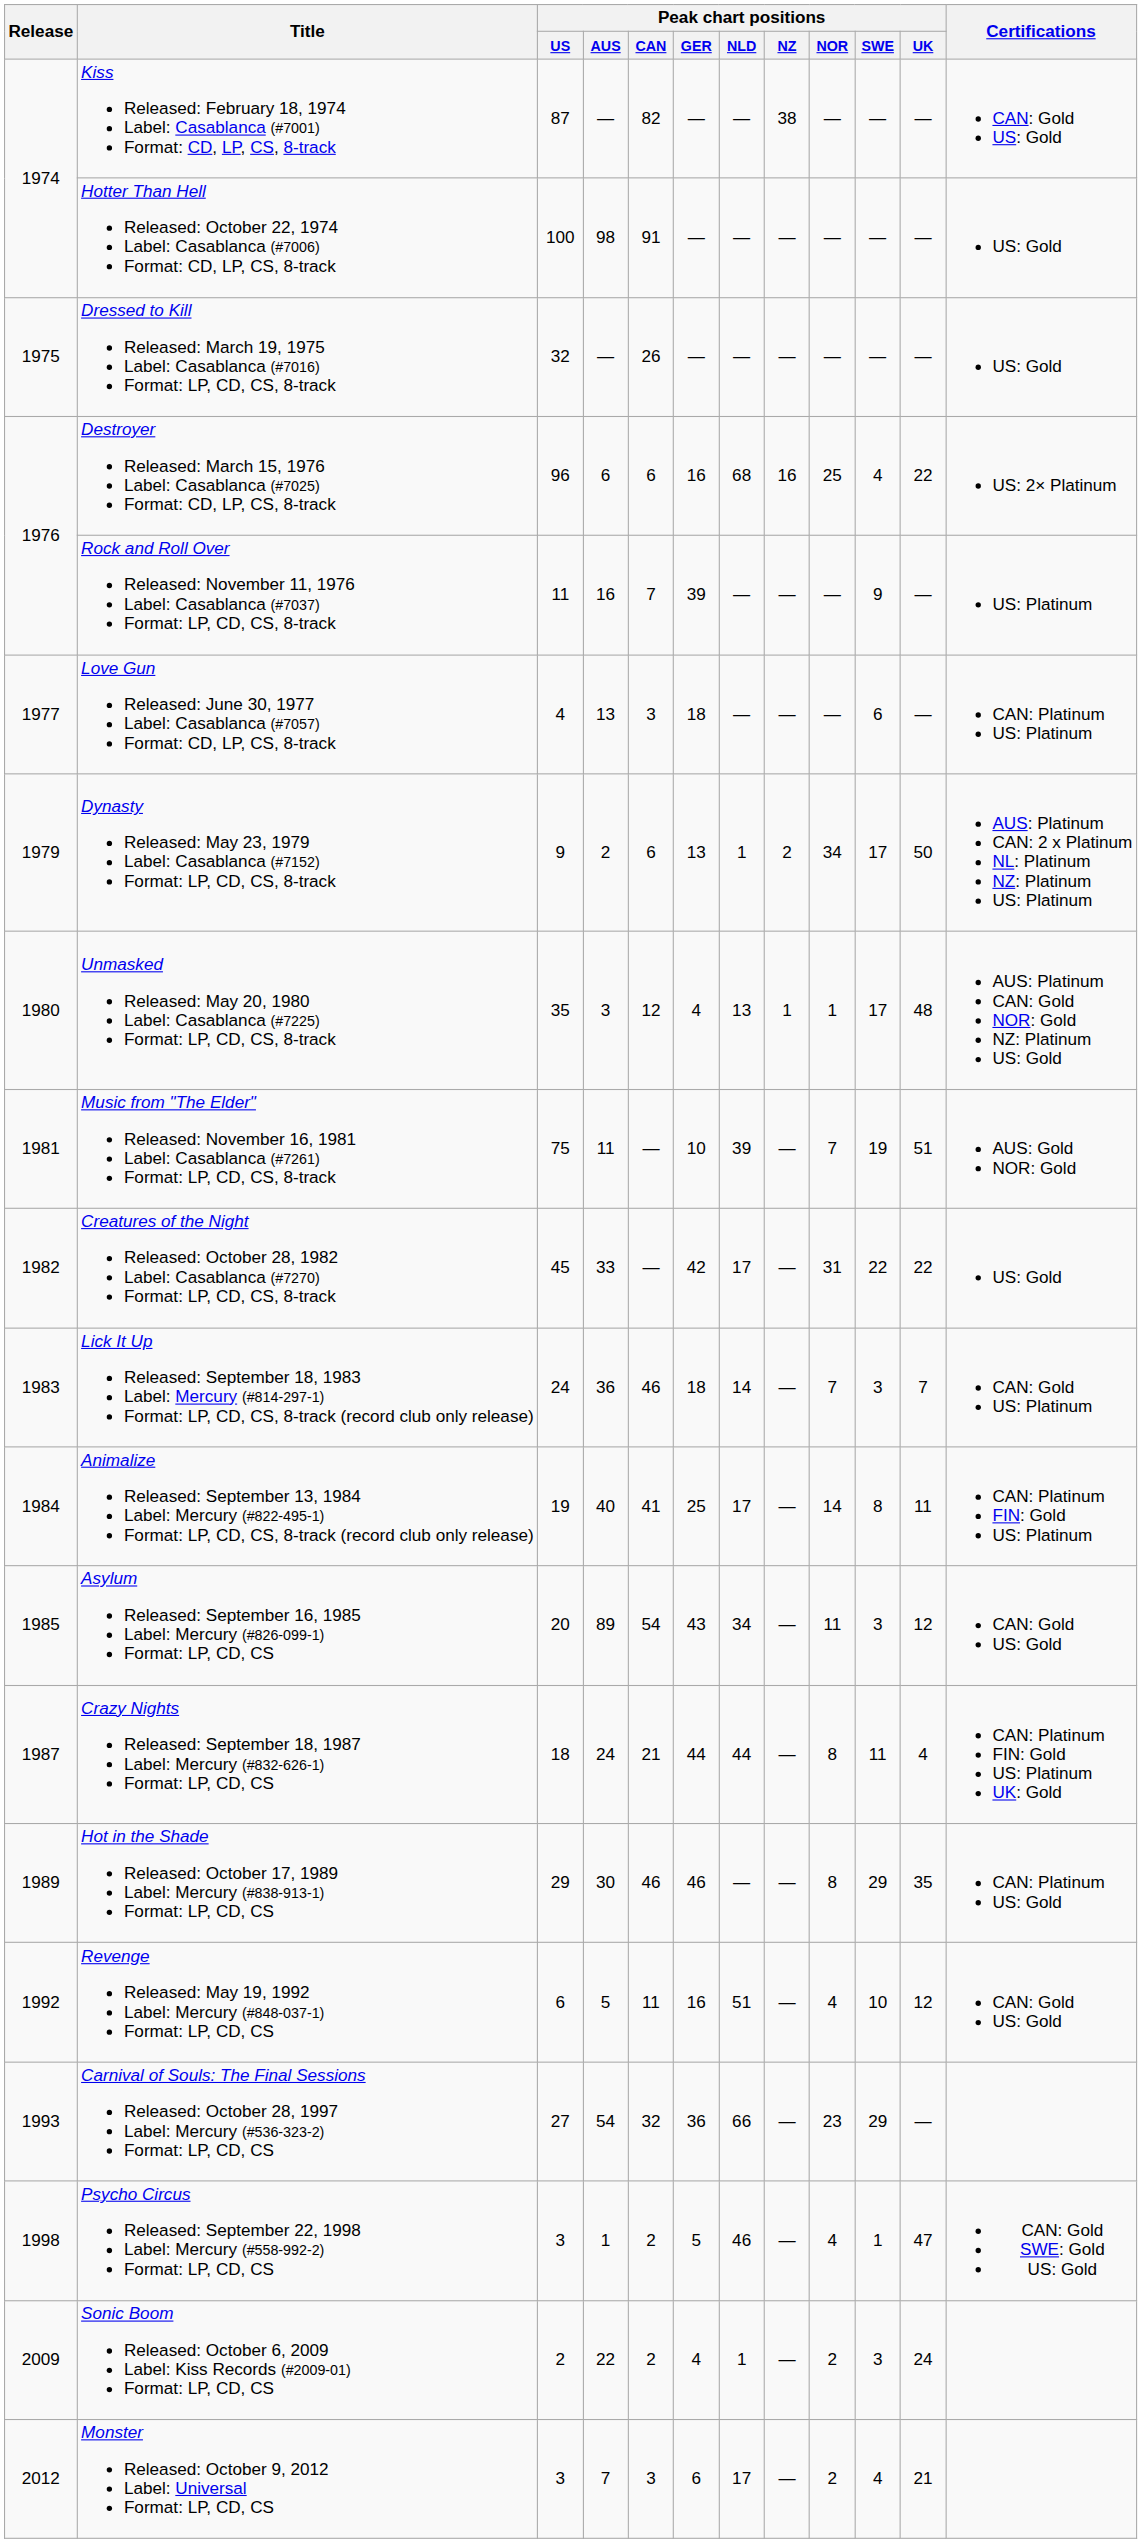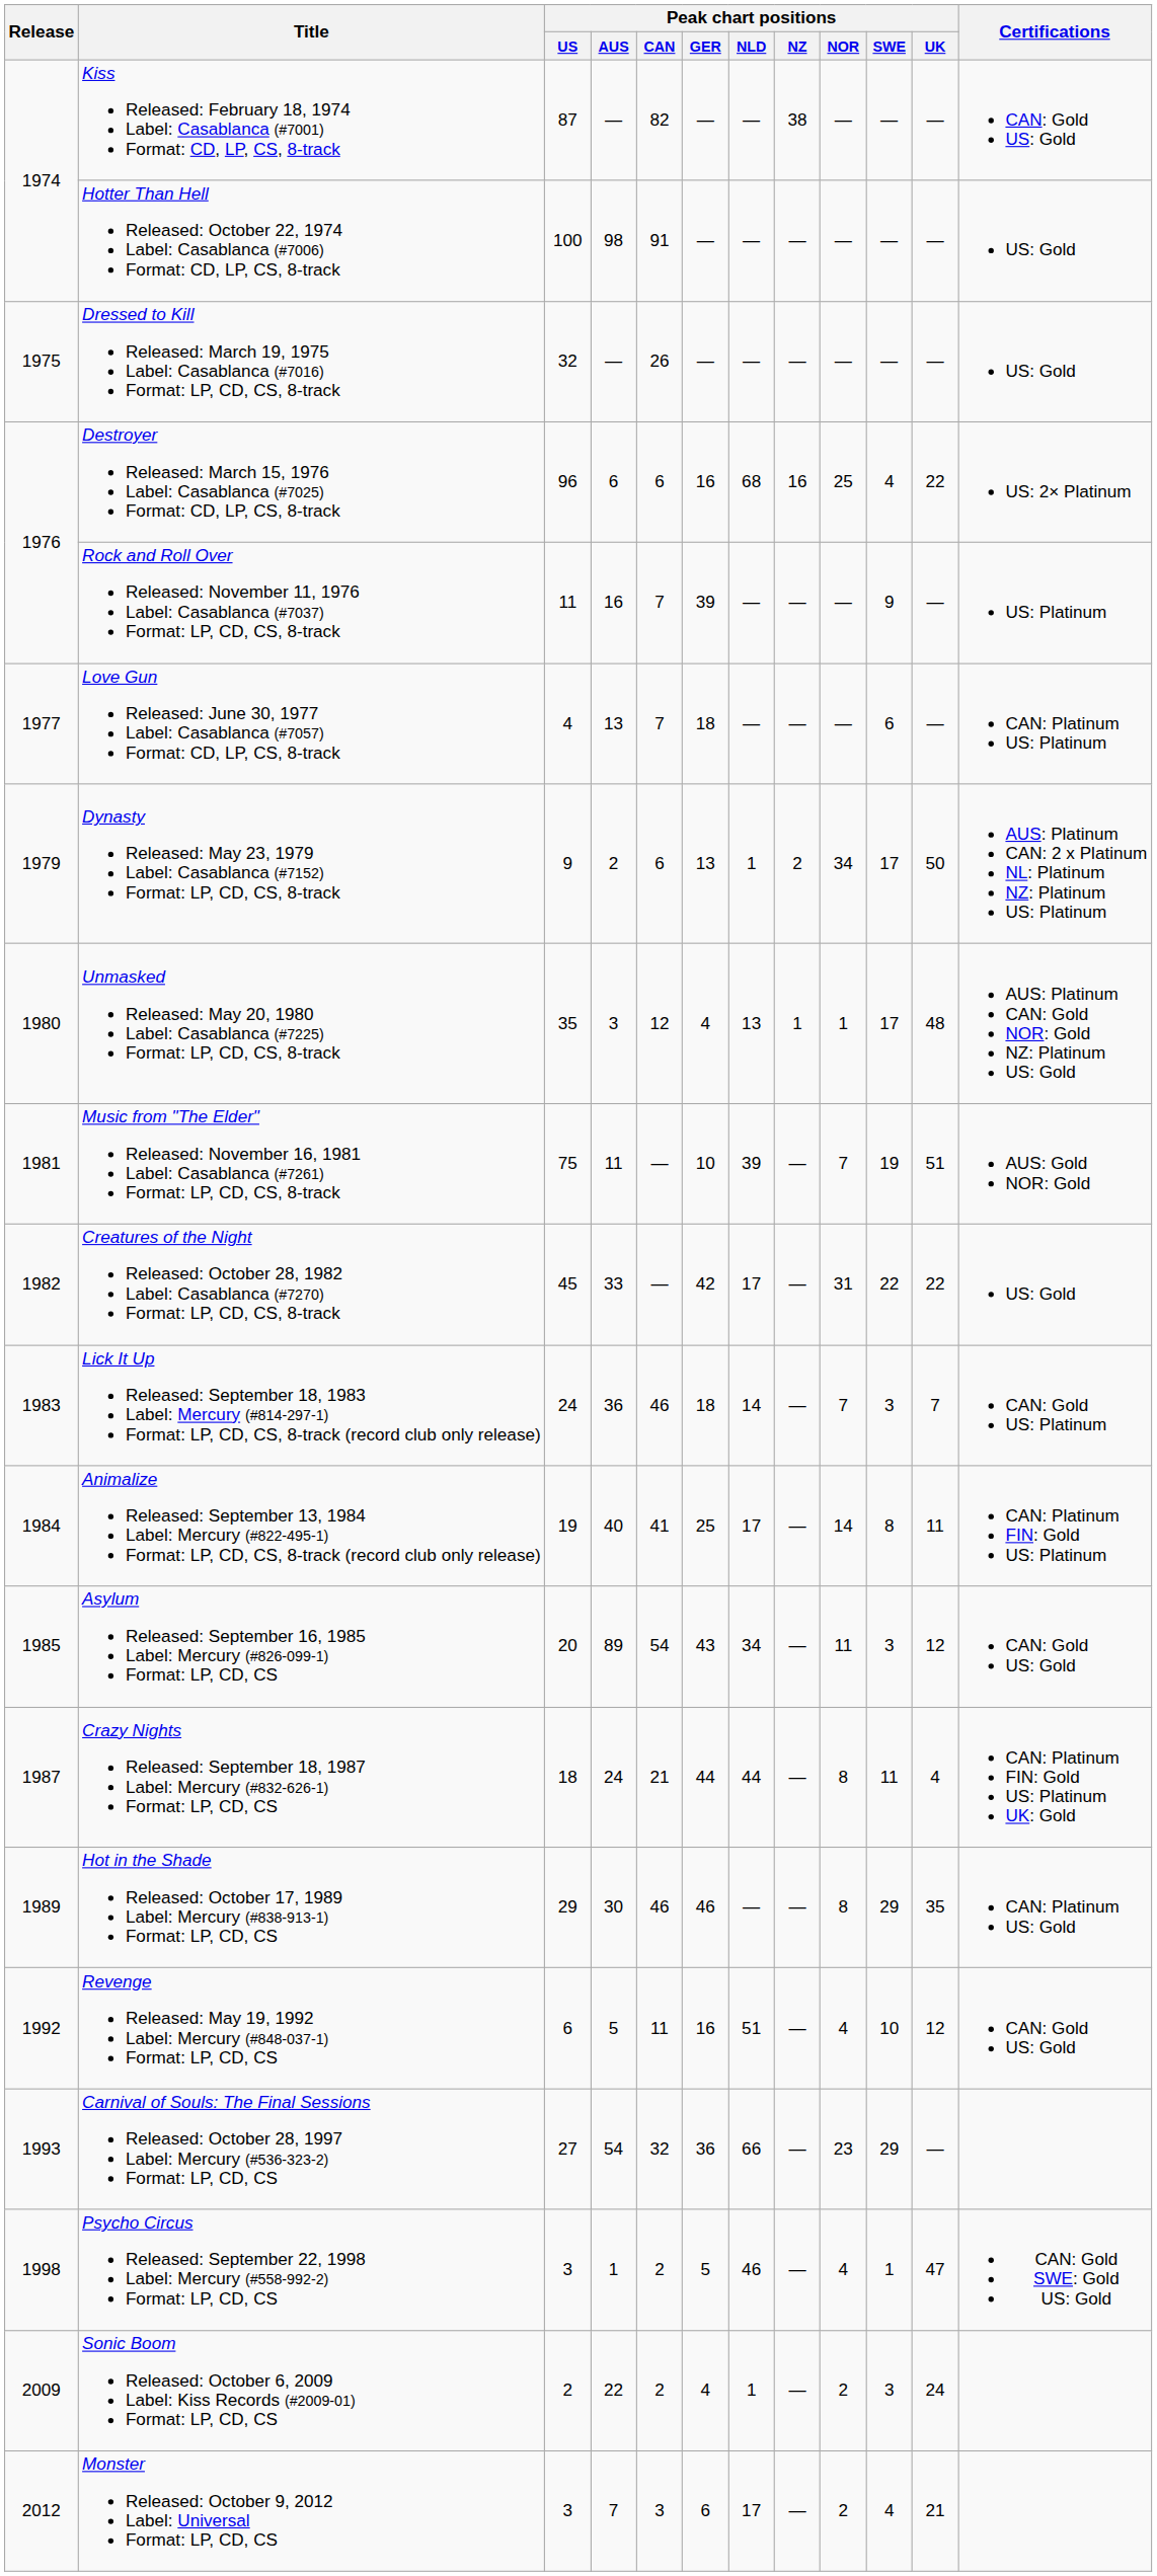 <table class="wikitable" style="text-align: center">
 <tr>
 <th rowspan="2">Release</th>
 <th rowspan="2">Title</th>
 <th colspan="9">Peak chart positions</th>
 <th rowspan="2"><a href='#'>Certifications</a></th>
 </tr>
 <tr>
 <th style="width:35px;"><small><a href='#'>US</a><br></small></th>
 <th style="width:35px;"><small><a href='#'>AUS</a><br></small></th>
 <th style="width:35px;"><small><a href='#'>CAN</a><br></small></th>
 <th style="width:35px;"><small><a href='#'>GER</a><br></small></th>
 <th style="width:35px;"><small><a href='#'>NLD</a><br></small></th>
 <th style="width:35px;"><small><a href='#'>NZ</a><br></small></th>
 <th style="width:35px;"><small><a href='#'>NOR</a><br></small></th>
 <th style="width:35px;"><small><a href='#'>SWE</a><br></small></th>
 <th style="width:35px;"><small><a href='#'>UK</a><br></small></th>
 </tr>
 <tr>
 <td rowspan="2">1974</td>
 <td align="left"><em><a href='#'>Kiss</a></em><br><ul><li>Released: February 18, 1974</li><li>Label: <a href='#'>Casablanca</a> <small>(#7001)</small></li><li>Format: <a href='#'>CD</a>, <a href='#'>LP</a>, <a href='#'>CS</a>, <a href='#'>8-track</a></li></ul></td>
 <td>87</td>
 <td>—</td>
 <td>82</td>
 <td>—</td>
 <td>—</td>
 <td>38</td>
 <td>—</td>
 <td>—</td>
 <td>—</td>
 <td align="left"><br><ul><li><a href='#'>CAN</a>: Gold</li><li><a href='#'>US</a>: Gold</li></ul></td>
 </tr>
 <tr>
 <td align="left"><em><a href='#'>Hotter Than Hell</a></em><br><ul><li>Released: October 22, 1974</li><li>Label: Casablanca <small>(#7006)</small></li><li>Format: CD, LP, CS, 8-track</li></ul></td>
 <td>100</td>
 <td>98</td>
 <td>91</td>
 <td>—</td>
 <td>—</td>
 <td>—</td>
 <td>—</td>
 <td>—</td>
 <td>—</td>
 <td align="left"><br><ul><li>US: Gold</li></ul></td>
 </tr>
 <tr>
 <td>1975</td>
 <td align="left"><em><a href='#'>Dressed to Kill</a></em><br><ul><li>Released: March 19, 1975</li><li>Label: Casablanca <small>(#7016)</small></li><li>Format: LP, CD, CS, 8-track</li></ul></td>
 <td>32</td>
 <td>—</td>
 <td>26</td>
 <td>—</td>
 <td>—</td>
 <td>—</td>
 <td>—</td>
 <td>—</td>
 <td>—</td>
 <td align="left"><br><ul><li>US: Gold</li></ul></td>
 </tr>
 <tr>
 <td rowspan="2">1976</td>
 <td align="left"><em><a href='#'>Destroyer</a></em><br><ul><li>Released: March 15, 1976</li><li>Label: Casablanca <small>(#7025)</small></li><li>Format: CD, LP, CS, 8-track</li></ul></td>
 <td>96</td>
 <td>6</td>
 <td>6</td>
 <td>16</td>
 <td>68</td>
 <td>16</td>
 <td>25</td>
 <td>4</td>
 <td>22</td>
 <td align="left"><br><ul><li>US: 2× Platinum</li></ul></td>
 </tr>
 <tr>
 <td align="left"><em><a href='#'>Rock and Roll Over</a></em><br><ul><li>Released: November 11, 1976</li><li>Label: Casablanca <small>(#7037)</small></li><li>Format: LP, CD, CS, 8-track</li></ul></td>
 <td>11</td>
 <td>16</td>
 <td>7</td>
 <td>39</td>
 <td>—</td>
 <td>—</td>
 <td>—</td>
 <td>9</td>
 <td>—</td>
 <td align="left"><br><ul><li>US: Platinum</li></ul></td>
 </tr>
 <tr>
 <td>1977</td>
 <td align="left"><em><a href='#'>Love Gun</a></em><br><ul><li>Released: June 30, 1977</li><li>Label: Casablanca <small>(#7057)</small></li><li>Format: CD, LP, CS, 8-track</li></ul></td>
 <td>4</td>
 <td>13</td>
-<td>3</td>
+<td>7</td>
 <td>18</td>
 <td>—</td>
 <td>—</td>
 <td>—</td>
 <td>6</td>
 <td>—</td>
 <td align="left"><br><ul><li>CAN: Platinum</li><li>US: Platinum</li></ul></td>
 </tr>
 <tr>
 <td>1979</td>
 <td align="left"><em><a href='#'>Dynasty</a></em><br><ul><li>Released: May 23, 1979</li><li>Label: Casablanca <small>(#7152)</small></li><li>Format: LP, CD, CS, 8-track</li></ul></td>
 <td>9</td>
 <td>2</td>
 <td>6</td>
 <td>13</td>
 <td>1</td>
 <td>2</td>
 <td>34</td>
 <td>17</td>
 <td>50</td>
 <td align="left"><br><ul><li><a href='#'>AUS</a>: Platinum</li><li>CAN: 2 x Platinum</li><li><a href='#'>NL</a>: Platinum</li><li><a href='#'>NZ</a>: Platinum</li><li>US: Platinum</li></ul></td>
 </tr>
 <tr>
 <td>1980</td>
 <td align="left"><em><a href='#'>Unmasked</a></em><br><ul><li>Released: May 20, 1980</li><li>Label: Casablanca <small>(#7225)</small></li><li>Format: LP, CD, CS, 8-track</li></ul></td>
 <td>35</td>
 <td>3</td>
 <td>12</td>
 <td>4</td>
 <td>13</td>
 <td>1</td>
 <td>1</td>
 <td>17</td>
 <td>48</td>
 <td align="left"><br><ul><li>AUS: Platinum</li><li>CAN: Gold</li><li><a href='#'>NOR</a>: Gold</li><li>NZ: Platinum</li><li>US: Gold</li></ul></td>
 </tr>
 <tr>
 <td>1981</td>
 <td align="left"><em><a href='#'>Music from "The Elder"</a></em><br><ul><li>Released: November 16, 1981</li><li>Label: Casablanca <small>(#7261)</small></li><li>Format: LP, CD, CS, 8-track</li></ul></td>
 <td>75</td>
 <td>11</td>
 <td>—</td>
 <td>10</td>
 <td>39</td>
 <td>—</td>
 <td>7</td>
 <td>19</td>
 <td>51</td>
 <td align="left"><br><ul><li>AUS: Gold</li><li>NOR: Gold</li></ul></td>
 </tr>
 <tr>
 <td>1982</td>
 <td align="left"><em><a href='#'>Creatures of the Night</a></em><br><ul><li>Released: October 28, 1982</li><li>Label: Casablanca <small>(#7270)</small></li><li>Format: LP, CD, CS, 8-track</li></ul></td>
 <td>45</td>
 <td>33</td>
 <td>—</td>
 <td>42</td>
 <td>17</td>
 <td>—</td>
 <td>31</td>
 <td>22</td>
 <td>22</td>
 <td align="left"><br><ul><li>US: Gold</li></ul></td>
 </tr>
 <tr>
 <td>1983</td>
 <td align="left"><em><a href='#'>Lick It Up</a></em><br><ul><li>Released: September 18, 1983</li><li>Label: <a href='#'>Mercury</a> <small>(#814-297-1)</small></li><li>Format: LP, CD, CS, 8-track (record club only release)</li></ul></td>
 <td>24</td>
 <td>36</td>
 <td>46</td>
 <td>18</td>
 <td>14</td>
 <td>—</td>
 <td>7</td>
 <td>3</td>
 <td>7</td>
 <td align="left"><br><ul><li>CAN: Gold</li><li>US: Platinum</li></ul></td>
 </tr>
 <tr>
 <td>1984</td>
 <td align="left"><em><a href='#'>Animalize</a></em><br><ul><li>Released: September 13, 1984</li><li>Label: Mercury <small>(#822-495-1)</small></li><li>Format: LP, CD, CS, 8-track (record club only release)</li></ul></td>
 <td>19</td>
 <td>40</td>
 <td>41</td>
 <td>25</td>
 <td>17</td>
 <td>—</td>
 <td>14</td>
 <td>8</td>
 <td>11</td>
 <td align="left"><br><ul><li>CAN: Platinum</li><li><a href='#'>FIN</a>: Gold</li><li>US: Platinum</li></ul></td>
 </tr>
 <tr>
 <td>1985</td>
 <td align="left"><em><a href='#'>Asylum</a></em><br><ul><li>Released: September 16, 1985</li><li>Label: Mercury <small>(#826-099-1)</small></li><li>Format: LP, CD, CS</li></ul></td>
 <td>20</td>
 <td>89</td>
 <td>54</td>
 <td>43</td>
 <td>34</td>
 <td>—</td>
 <td>11</td>
 <td>3</td>
 <td>12</td>
 <td align="left"><br><ul><li>CAN: Gold</li><li>US: Gold</li></ul></td>
 </tr>
 <tr>
 <td>1987</td>
 <td align="left"><em><a href='#'>Crazy Nights</a></em><br><ul><li>Released: September 18, 1987</li><li>Label: Mercury <small>(#832-626-1)</small></li><li>Format: LP, CD, CS</li></ul></td>
 <td>18</td>
 <td>24</td>
 <td>21</td>
 <td>44</td>
 <td>44</td>
 <td>—</td>
 <td>8</td>
 <td>11</td>
 <td>4</td>
 <td align="left"><br><ul><li>CAN: Platinum</li><li>FIN: Gold</li><li>US: Platinum</li><li><a href='#'>UK</a>: Gold</li></ul></td>
 </tr>
 <tr>
 <td>1989</td>
 <td align="left"><em><a href='#'>Hot in the Shade</a></em><br><ul><li>Released: October 17, 1989</li><li>Label: Mercury <small>(#838-913-1)</small></li><li>Format: LP, CD, CS</li></ul></td>
 <td>29</td>
 <td>30</td>
 <td>46</td>
 <td>46</td>
 <td>—</td>
 <td>—</td>
 <td>8</td>
 <td>29</td>
 <td>35</td>
 <td align="left"><br><ul><li>CAN: Platinum</li><li>US: Gold</li></ul></td>
 </tr>
 <tr>
 <td>1992</td>
 <td align="left"><em><a href='#'>Revenge</a></em><br><ul><li>Released: May 19, 1992</li><li>Label: Mercury <small>(#848-037-1)</small></li><li>Format: LP, CD, CS</li></ul></td>
 <td>6</td>
 <td>5</td>
 <td>11</td>
 <td>16</td>
 <td>51</td>
 <td>—</td>
 <td>4</td>
 <td>10</td>
 <td>12</td>
 <td align="left"><br><ul><li>CAN: Gold</li><li>US: Gold</li></ul></td>
 </tr>
 <tr>
 <td>1993</td>
 <td align="left"><em><a href='#'>Carnival of Souls: The Final Sessions</a></em><br><ul><li>Released: October 28, 1997</li><li>Label: Mercury <small>(#536-323-2)</small></li><li>Format: LP, CD, CS</li></ul></td>
 <td>27</td>
 <td>54</td>
 <td>32</td>
 <td>36</td>
 <td>66</td>
 <td>—</td>
 <td>23</td>
 <td>29</td>
 <td>—</td>
 <td align="left"></td>
 </tr>
 <tr>
 <td>1998</td>
 <td align="left"><em><a href='#'>Psycho Circus</a></em><br><ul><li>Released: September 22, 1998</li><li>Label: Mercury <small>(#558-992-2)</small></li><li>Format: LP, CD, CS</li></ul></td>
 <td>3</td>
 <td>1</td>
 <td>2</td>
 <td>5</td>
 <td>46</td>
 <td>—</td>
 <td>4</td>
 <td>1</td>
 <td>47</td>
 <td><br><ul><li>CAN: Gold</li><li><a href='#'>SWE</a>: Gold</li><li>US: Gold</li></ul></td>
 </tr>
 <tr>
 <td>2009</td>
 <td align="left"><em><a href='#'>Sonic Boom</a></em><br><ul><li>Released: October 6, 2009</li><li>Label: Kiss Records <small>(#2009-01)</small></li><li>Format: LP, CD, CS</li></ul></td>
 <td>2</td>
 <td>22</td>
 <td>2</td>
 <td>4</td>
 <td>1</td>
 <td>—</td>
 <td>2</td>
 <td>3</td>
 <td>24</td>
 <td align="left"></td>
 </tr>
 <tr>
 <td>2012</td>
 <td align="left"><em><a href='#'>Monster</a></em><br><ul><li>Released: October 9, 2012</li><li>Label: <a href='#'>Universal</a></li><li>Format: LP, CD, CS</li></ul></td>
 <td>3</td>
 <td>7</td>
 <td>3</td>
 <td>6</td>
 <td>17</td>
 <td>—</td>
 <td>2</td>
 <td>4</td>
 <td>21</td>
 <td align="left"></td>
 </tr>
 </table>
